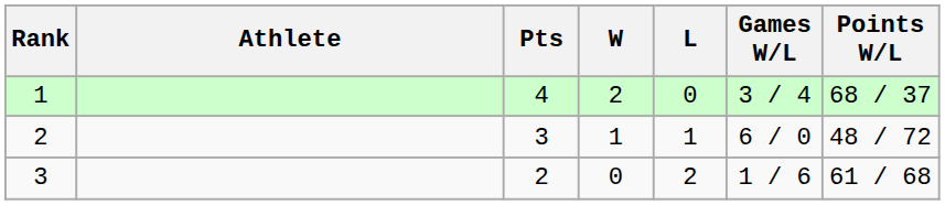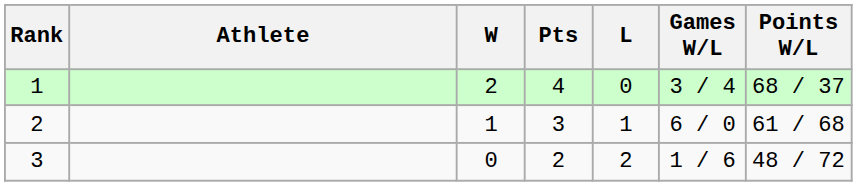 <table class="wikitable" style="text-align: center; font-size:90% ">
 <tr>
 <th width="20">Rank</th>
 <th width="200">Athlete</th>
+<th width="30">W</th>
 <th width="30">Pts</th>
-<th width="30">W</th>
 <th width="30">L</th>
 <th width="40">Games<br>W/L</th>
 <th width="50">Points<br>W/L</th>
 </tr>
 <tr bgcolor=#ccffcc>
 <td>1</td>
 <td align=left></td>
+<td>2</td>
 <td>4</td>
-<td>2</td>
 <td>0</td>
 <td>3 / 4</td>
 <td>68 / 37</td>
 </tr>
 <tr>
 <td>2</td>
 <td align=left></td>
+<td>1</td>
 <td>3</td>
 <td>1</td>
-<td>1</td>
 <td>6 / 0</td>
-<td>48 / 72</td>
+<td>61 / 68</td>
 </tr>
 <tr>
 <td>3</td>
 <td align=left></td>
-<td>2</td>
 <td>0</td>
 <td>2</td>
+<td>2</td>
 <td>1 / 6</td>
-<td>61 / 68</td>
+<td>48 / 72</td>
 </tr>
 </table>
